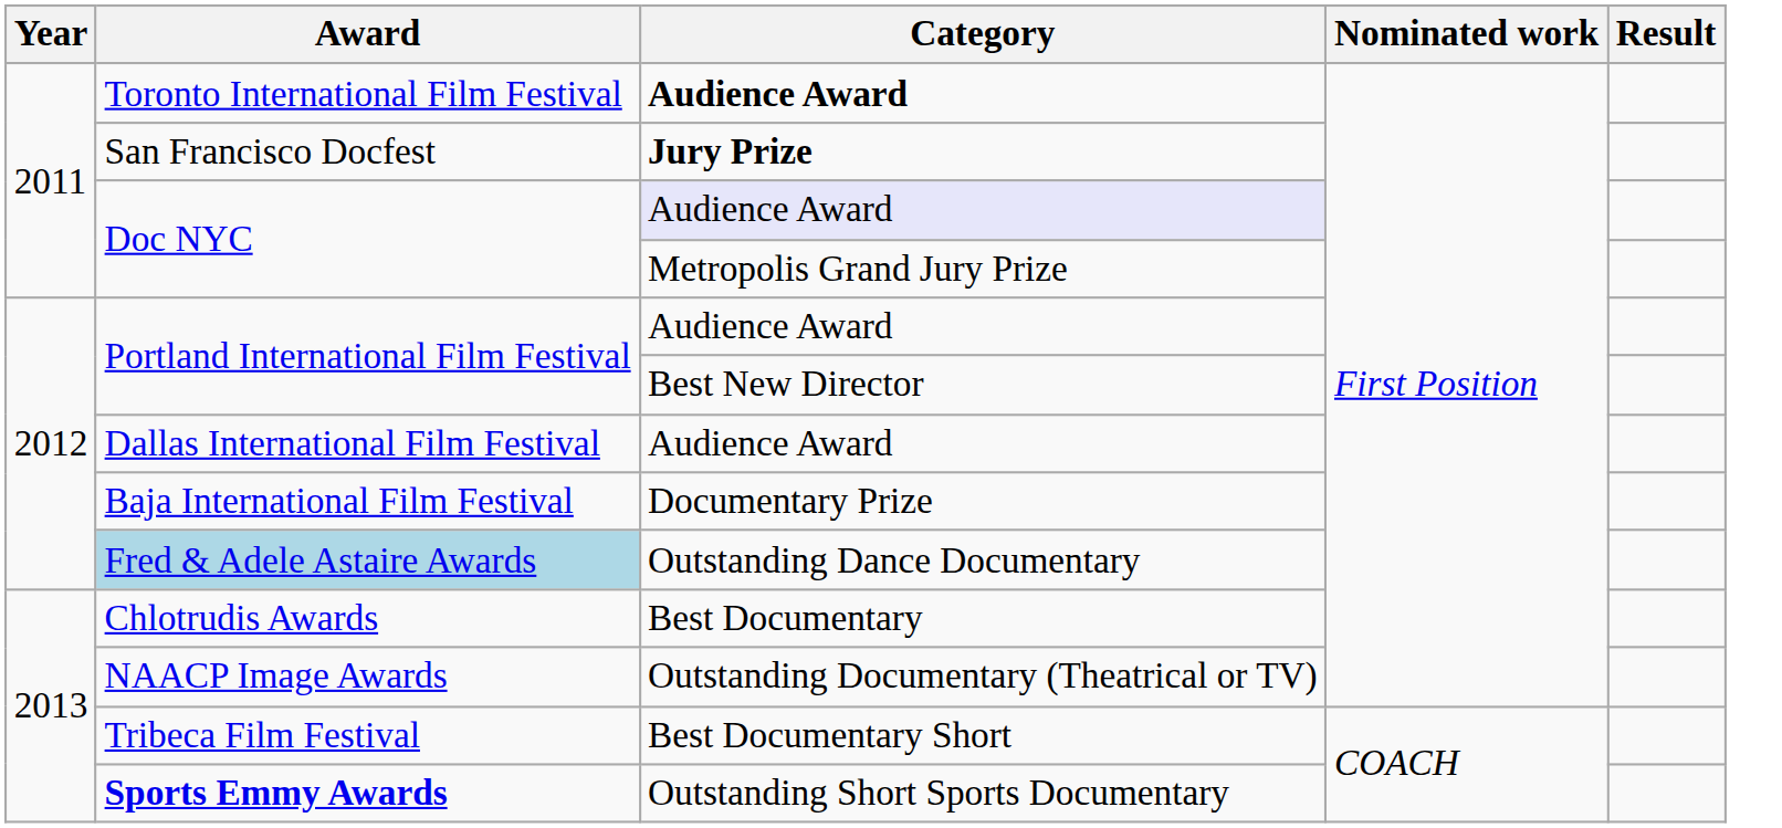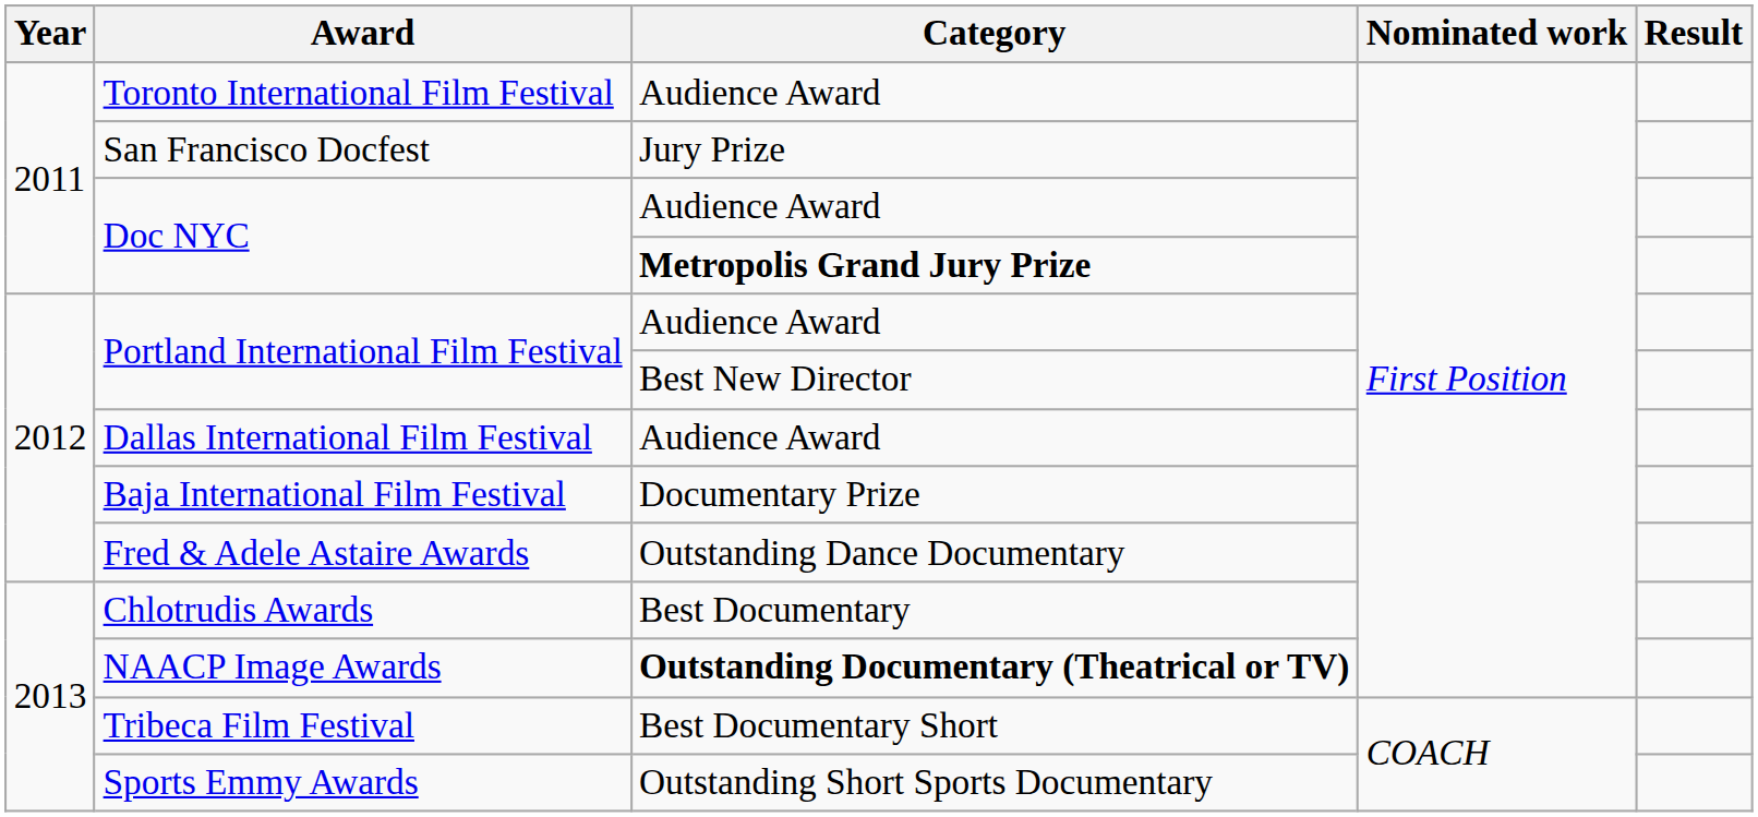 <table class="wikitable">
 <tr>
 <th>Year</th>
 <th>Award</th>
 <th>Category</th>
 <th>Nominated work</th>
 <th>Result</th>
 </tr>
 <tr>
 <td rowspan="4">2011</td>
 <td><a href='#'>Toronto International Film Festival</a></td>
-<td><strong>Audience Award</strong></td>
+<td>Audience Award</td>
 <td rowspan="11"><em><a href='#'>First Position</a></em></td>
 <td></td>
 </tr>
 <tr>
 <td>San Francisco Docfest</td>
-<td><strong>Jury Prize</strong></td>
+<td>Jury Prize</td>
 <td></td>
 </tr>
 <tr>
 <td rowspan="2"><a href='#'>Doc NYC</a></td>
-<td style="background: lavender;">Audience Award</td>
+<td>Audience Award</td>
 <td></td>
 </tr>
 <tr>
-<td>Metropolis Grand Jury Prize</td>
+<td><strong>Metropolis Grand Jury Prize</strong></td>
 <td></td>
 </tr>
 <tr>
 <td rowspan="5">2012</td>
 <td rowspan="2"><a href='#'>Portland International Film Festival</a></td>
 <td>Audience Award</td>
 <td></td>
 </tr>
 <tr>
 <td>Best New Director</td>
 <td></td>
 </tr>
 <tr>
 <td><a href='#'>Dallas International Film Festival</a></td>
 <td>Audience Award</td>
 <td></td>
 </tr>
 <tr>
 <td><a href='#'>Baja International Film Festival</a></td>
 <td>Documentary Prize</td>
 <td></td>
 </tr>
 <tr>
-<td style="background: lightblue;"><a href='#'>Fred & Adele Astaire Awards</a></td>
+<td><a href='#'>Fred & Adele Astaire Awards</a></td>
 <td>Outstanding Dance Documentary</td>
 <td></td>
 </tr>
 <tr>
 <td rowspan="4">2013</td>
 <td><a href='#'>Chlotrudis Awards</a></td>
 <td>Best Documentary</td>
 <td></td>
 </tr>
 <tr>
 <td><a href='#'>NAACP Image Awards</a></td>
-<td>Outstanding Documentary (Theatrical or TV)</td>
+<td><strong>Outstanding Documentary (Theatrical or TV)</strong></td>
 <td></td>
 </tr>
 <tr>
 <td><a href='#'>Tribeca Film Festival</a></td>
 <td>Best Documentary Short</td>
 <td rowspan="2"><em>COACH</em></td>
 <td></td>
 </tr>
 <tr>
-<td><strong><a href='#'>Sports Emmy Awards</a></strong></td>
+<td><a href='#'>Sports Emmy Awards</a></td>
 <td>Outstanding Short Sports Documentary</td>
 <td></td>
 </tr>
 </table>
